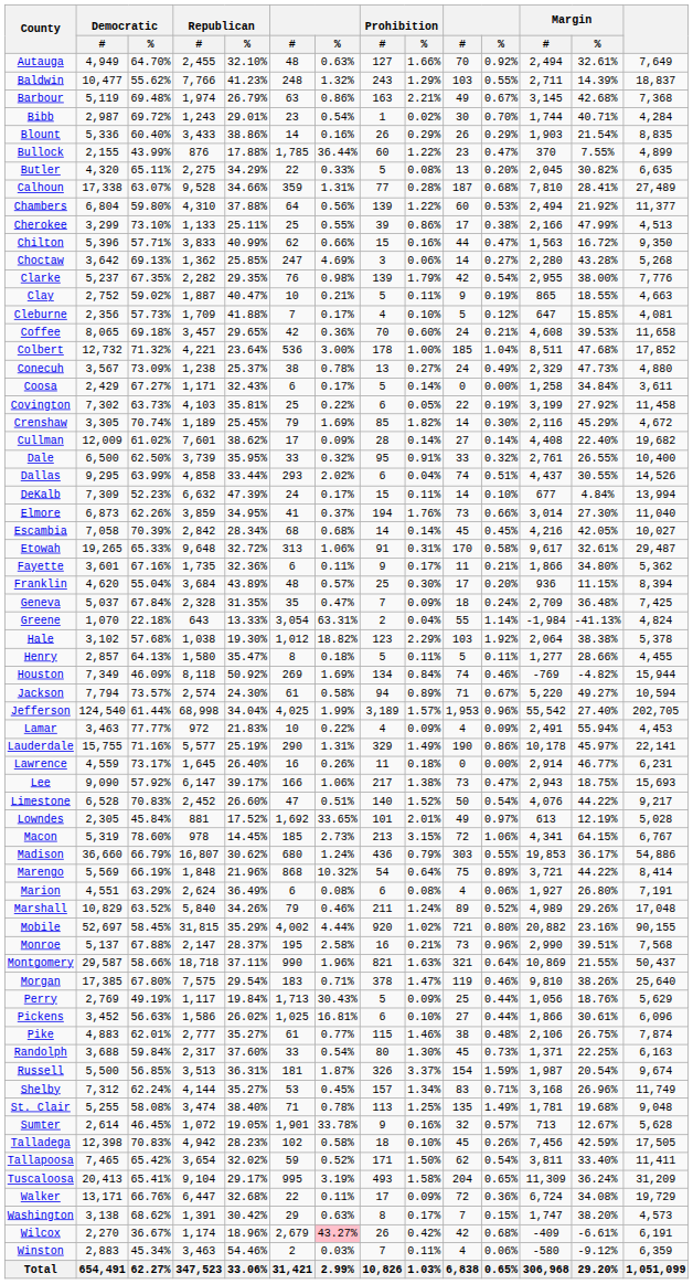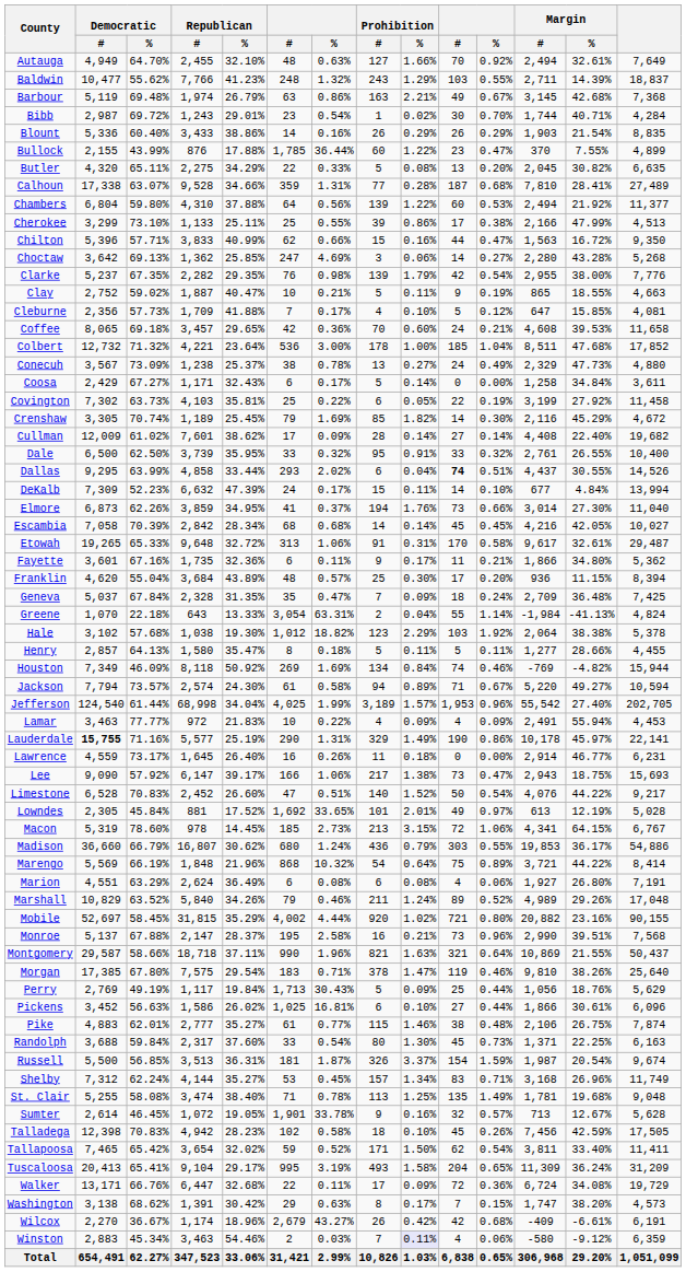 <table class="wikitable sortable mw-collapsible mw-collapsed">
 <tr>
 <th rowspan="2">County</th>
 <th colspan="2"><br>Democratic</th>
 <th colspan="2"><br>Republican</th>
 <th colspan="2"><br></th>
 <th colspan="2"><br>Prohibition</th>
 <th colspan="2"><br></th>
 <th colspan="2">Margin</th>
 <th rowspan="2"></th>
 </tr>
 <tr bgcolor="lightgrey">
 <th data-sort-type="number">#</th>
 <th data-sort-type="number">%</th>
 <th data-sort-type="number">#</th>
 <th data-sort-type="number">%</th>
 <th data-sort-type="number">#</th>
 <th data-sort-type="number">%</th>
 <th data-sort-type="number">#</th>
 <th data-sort-type="number">%</th>
 <th data-sort-type="number">#</th>
 <th data-sort-type="number">%</th>
 <th data-sort-type="number">#</th>
 <th data-sort-type="number">%</th>
 </tr>
 <tr style="text-align:center;">
 <td><a href='#'>Autauga</a></td>
 <td>4,949</td>
 <td>64.70%</td>
 <td>2,455</td>
 <td>32.10%</td>
 <td>48</td>
 <td>0.63%</td>
 <td>127</td>
 <td>1.66%</td>
 <td>70</td>
 <td>0.92%</td>
 <td>2,494</td>
 <td>32.61%</td>
 <td>7,649</td>
 </tr>
 <tr style="text-align:center;">
 <td><a href='#'>Baldwin</a></td>
 <td>10,477</td>
 <td>55.62%</td>
 <td>7,766</td>
 <td>41.23%</td>
 <td>248</td>
 <td>1.32%</td>
 <td>243</td>
 <td>1.29%</td>
 <td>103</td>
 <td>0.55%</td>
 <td>2,711</td>
 <td>14.39%</td>
 <td>18,837</td>
 </tr>
 <tr style="text-align:center;">
 <td><a href='#'>Barbour</a></td>
 <td>5,119</td>
 <td>69.48%</td>
 <td>1,974</td>
 <td>26.79%</td>
 <td>63</td>
 <td>0.86%</td>
 <td>163</td>
 <td>2.21%</td>
 <td>49</td>
 <td>0.67%</td>
 <td>3,145</td>
 <td>42.68%</td>
 <td>7,368</td>
 </tr>
 <tr style="text-align:center;">
 <td><a href='#'>Bibb</a></td>
 <td>2,987</td>
 <td>69.72%</td>
 <td>1,243</td>
 <td>29.01%</td>
 <td>23</td>
 <td>0.54%</td>
 <td>1</td>
 <td>0.02%</td>
 <td>30</td>
 <td>0.70%</td>
 <td>1,744</td>
 <td>40.71%</td>
 <td>4,284</td>
 </tr>
 <tr style="text-align:center;">
 <td><a href='#'>Blount</a></td>
 <td>5,336</td>
 <td>60.40%</td>
 <td>3,433</td>
 <td>38.86%</td>
 <td>14</td>
 <td>0.16%</td>
 <td>26</td>
 <td>0.29%</td>
 <td>26</td>
 <td>0.29%</td>
 <td>1,903</td>
 <td>21.54%</td>
 <td>8,835</td>
 </tr>
 <tr style="text-align:center;">
 <td><a href='#'>Bullock</a></td>
 <td>2,155</td>
 <td>43.99%</td>
 <td>876</td>
 <td>17.88%</td>
 <td>1,785</td>
 <td>36.44%</td>
 <td>60</td>
 <td>1.22%</td>
 <td>23</td>
 <td>0.47%</td>
 <td>370</td>
 <td>7.55%</td>
 <td>4,899</td>
 </tr>
 <tr style="text-align:center;">
 <td><a href='#'>Butler</a></td>
 <td>4,320</td>
 <td>65.11%</td>
 <td>2,275</td>
 <td>34.29%</td>
 <td>22</td>
 <td>0.33%</td>
 <td>5</td>
 <td>0.08%</td>
 <td>13</td>
 <td>0.20%</td>
 <td>2,045</td>
 <td>30.82%</td>
 <td>6,635</td>
 </tr>
 <tr style="text-align:center;">
 <td><a href='#'>Calhoun</a></td>
 <td>17,338</td>
 <td>63.07%</td>
 <td>9,528</td>
 <td>34.66%</td>
 <td>359</td>
 <td>1.31%</td>
 <td>77</td>
 <td>0.28%</td>
 <td>187</td>
 <td>0.68%</td>
 <td>7,810</td>
 <td>28.41%</td>
 <td>27,489</td>
 </tr>
 <tr style="text-align:center;">
 <td><a href='#'>Chambers</a></td>
 <td>6,804</td>
 <td>59.80%</td>
 <td>4,310</td>
 <td>37.88%</td>
 <td>64</td>
 <td>0.56%</td>
 <td>139</td>
 <td>1.22%</td>
 <td>60</td>
 <td>0.53%</td>
 <td>2,494</td>
 <td>21.92%</td>
 <td>11,377</td>
 </tr>
 <tr style="text-align:center;">
 <td><a href='#'>Cherokee</a></td>
 <td>3,299</td>
 <td>73.10%</td>
 <td>1,133</td>
 <td>25.11%</td>
 <td>25</td>
 <td>0.55%</td>
 <td>39</td>
 <td>0.86%</td>
 <td>17</td>
 <td>0.38%</td>
 <td>2,166</td>
 <td>47.99%</td>
 <td>4,513</td>
 </tr>
 <tr style="text-align:center;">
 <td><a href='#'>Chilton</a></td>
 <td>5,396</td>
 <td>57.71%</td>
 <td>3,833</td>
 <td>40.99%</td>
 <td>62</td>
 <td>0.66%</td>
 <td>15</td>
 <td>0.16%</td>
 <td>44</td>
 <td>0.47%</td>
 <td>1,563</td>
 <td>16.72%</td>
 <td>9,350</td>
 </tr>
 <tr style="text-align:center;">
 <td><a href='#'>Choctaw</a></td>
 <td>3,642</td>
 <td>69.13%</td>
 <td>1,362</td>
 <td>25.85%</td>
 <td>247</td>
 <td>4.69%</td>
 <td>3</td>
 <td>0.06%</td>
 <td>14</td>
 <td>0.27%</td>
 <td>2,280</td>
 <td>43.28%</td>
 <td>5,268</td>
 </tr>
 <tr style="text-align:center;">
 <td><a href='#'>Clarke</a></td>
 <td>5,237</td>
 <td>67.35%</td>
 <td>2,282</td>
 <td>29.35%</td>
 <td>76</td>
 <td>0.98%</td>
 <td>139</td>
 <td>1.79%</td>
 <td>42</td>
 <td>0.54%</td>
 <td>2,955</td>
 <td>38.00%</td>
 <td>7,776</td>
 </tr>
 <tr style="text-align:center;">
 <td><a href='#'>Clay</a></td>
 <td>2,752</td>
 <td>59.02%</td>
 <td>1,887</td>
 <td>40.47%</td>
 <td>10</td>
 <td>0.21%</td>
 <td>5</td>
 <td>0.11%</td>
 <td>9</td>
 <td>0.19%</td>
 <td>865</td>
 <td>18.55%</td>
 <td>4,663</td>
 </tr>
 <tr style="text-align:center;">
 <td><a href='#'>Cleburne</a></td>
 <td>2,356</td>
 <td>57.73%</td>
 <td>1,709</td>
 <td>41.88%</td>
 <td>7</td>
 <td>0.17%</td>
 <td>4</td>
 <td>0.10%</td>
 <td>5</td>
 <td>0.12%</td>
 <td>647</td>
 <td>15.85%</td>
 <td>4,081</td>
 </tr>
 <tr style="text-align:center;">
 <td><a href='#'>Coffee</a></td>
 <td>8,065</td>
 <td>69.18%</td>
 <td>3,457</td>
 <td>29.65%</td>
 <td>42</td>
 <td>0.36%</td>
 <td>70</td>
 <td>0.60%</td>
 <td>24</td>
 <td>0.21%</td>
 <td>4,608</td>
 <td>39.53%</td>
 <td>11,658</td>
 </tr>
 <tr style="text-align:center;">
 <td><a href='#'>Colbert</a></td>
 <td>12,732</td>
 <td>71.32%</td>
 <td>4,221</td>
 <td>23.64%</td>
 <td>536</td>
 <td>3.00%</td>
 <td>178</td>
 <td>1.00%</td>
 <td>185</td>
 <td>1.04%</td>
 <td>8,511</td>
 <td>47.68%</td>
 <td>17,852</td>
 </tr>
 <tr style="text-align:center;">
 <td><a href='#'>Conecuh</a></td>
 <td>3,567</td>
 <td>73.09%</td>
 <td>1,238</td>
 <td>25.37%</td>
 <td>38</td>
 <td>0.78%</td>
 <td>13</td>
 <td>0.27%</td>
 <td>24</td>
 <td>0.49%</td>
 <td>2,329</td>
 <td>47.73%</td>
 <td>4,880</td>
 </tr>
 <tr style="text-align:center;">
 <td><a href='#'>Coosa</a></td>
 <td>2,429</td>
 <td>67.27%</td>
 <td>1,171</td>
 <td>32.43%</td>
 <td>6</td>
 <td>0.17%</td>
 <td>5</td>
 <td>0.14%</td>
 <td>0</td>
 <td>0.00%</td>
 <td>1,258</td>
 <td>34.84%</td>
 <td>3,611</td>
 </tr>
 <tr style="text-align:center;">
 <td><a href='#'>Covington</a></td>
 <td>7,302</td>
 <td>63.73%</td>
 <td>4,103</td>
 <td>35.81%</td>
 <td>25</td>
 <td>0.22%</td>
 <td>6</td>
 <td>0.05%</td>
 <td>22</td>
 <td>0.19%</td>
 <td>3,199</td>
 <td>27.92%</td>
 <td>11,458</td>
 </tr>
 <tr style="text-align:center;">
 <td><a href='#'>Crenshaw</a></td>
 <td>3,305</td>
 <td>70.74%</td>
 <td>1,189</td>
 <td>25.45%</td>
 <td>79</td>
 <td>1.69%</td>
 <td>85</td>
 <td>1.82%</td>
 <td>14</td>
 <td>0.30%</td>
 <td>2,116</td>
 <td>45.29%</td>
 <td>4,672</td>
 </tr>
 <tr style="text-align:center;">
 <td><a href='#'>Cullman</a></td>
 <td>12,009</td>
 <td>61.02%</td>
 <td>7,601</td>
 <td>38.62%</td>
 <td>17</td>
 <td>0.09%</td>
 <td>28</td>
 <td>0.14%</td>
 <td>27</td>
 <td>0.14%</td>
 <td>4,408</td>
 <td>22.40%</td>
 <td>19,682</td>
 </tr>
 <tr style="text-align:center;">
 <td><a href='#'>Dale</a></td>
 <td>6,500</td>
 <td>62.50%</td>
 <td>3,739</td>
 <td>35.95%</td>
 <td>33</td>
 <td>0.32%</td>
 <td>95</td>
 <td>0.91%</td>
 <td>33</td>
 <td>0.32%</td>
 <td>2,761</td>
 <td>26.55%</td>
 <td>10,400</td>
 </tr>
 <tr style="text-align:center;">
 <td><a href='#'>Dallas</a></td>
 <td>9,295</td>
 <td>63.99%</td>
 <td>4,858</td>
 <td>33.44%</td>
 <td>293</td>
 <td>2.02%</td>
 <td>6</td>
 <td>0.04%</td>
-<td>74</td>
+<td><strong>74</strong></td>
 <td>0.51%</td>
 <td>4,437</td>
 <td>30.55%</td>
 <td>14,526</td>
 </tr>
 <tr style="text-align:center;">
 <td><a href='#'>DeKalb</a></td>
 <td>7,309</td>
 <td>52.23%</td>
 <td>6,632</td>
 <td>47.39%</td>
 <td>24</td>
 <td>0.17%</td>
 <td>15</td>
 <td>0.11%</td>
 <td>14</td>
 <td>0.10%</td>
 <td>677</td>
 <td>4.84%</td>
 <td>13,994</td>
 </tr>
 <tr style="text-align:center;">
 <td><a href='#'>Elmore</a></td>
 <td>6,873</td>
 <td>62.26%</td>
 <td>3,859</td>
 <td>34.95%</td>
 <td>41</td>
 <td>0.37%</td>
 <td>194</td>
 <td>1.76%</td>
 <td>73</td>
 <td>0.66%</td>
 <td>3,014</td>
 <td>27.30%</td>
 <td>11,040</td>
 </tr>
 <tr style="text-align:center;">
 <td><a href='#'>Escambia</a></td>
 <td>7,058</td>
 <td>70.39%</td>
 <td>2,842</td>
 <td>28.34%</td>
 <td>68</td>
 <td>0.68%</td>
 <td>14</td>
 <td>0.14%</td>
 <td>45</td>
 <td>0.45%</td>
 <td>4,216</td>
 <td>42.05%</td>
 <td>10,027</td>
 </tr>
 <tr style="text-align:center;">
 <td><a href='#'>Etowah</a></td>
 <td>19,265</td>
 <td>65.33%</td>
 <td>9,648</td>
 <td>32.72%</td>
 <td>313</td>
 <td>1.06%</td>
 <td>91</td>
 <td>0.31%</td>
 <td>170</td>
 <td>0.58%</td>
 <td>9,617</td>
 <td>32.61%</td>
 <td>29,487</td>
 </tr>
 <tr style="text-align:center;">
 <td><a href='#'>Fayette</a></td>
 <td>3,601</td>
 <td>67.16%</td>
 <td>1,735</td>
 <td>32.36%</td>
 <td>6</td>
 <td>0.11%</td>
 <td>9</td>
 <td>0.17%</td>
 <td>11</td>
 <td>0.21%</td>
 <td>1,866</td>
 <td>34.80%</td>
 <td>5,362</td>
 </tr>
 <tr style="text-align:center;">
 <td><a href='#'>Franklin</a></td>
 <td>4,620</td>
 <td>55.04%</td>
 <td>3,684</td>
 <td>43.89%</td>
 <td>48</td>
 <td>0.57%</td>
 <td>25</td>
 <td>0.30%</td>
 <td>17</td>
 <td>0.20%</td>
 <td>936</td>
 <td>11.15%</td>
 <td>8,394</td>
 </tr>
 <tr style="text-align:center;">
 <td><a href='#'>Geneva</a></td>
 <td>5,037</td>
 <td>67.84%</td>
 <td>2,328</td>
 <td>31.35%</td>
 <td>35</td>
 <td>0.47%</td>
 <td>7</td>
 <td>0.09%</td>
 <td>18</td>
 <td>0.24%</td>
 <td>2,709</td>
 <td>36.48%</td>
 <td>7,425</td>
 </tr>
 <tr style="text-align:center;">
 <td><a href='#'>Greene</a></td>
 <td>1,070</td>
 <td>22.18%</td>
 <td>643</td>
 <td>13.33%</td>
 <td>3,054</td>
 <td>63.31%</td>
 <td>2</td>
 <td>0.04%</td>
 <td>55</td>
 <td>1.14%</td>
 <td>-1,984</td>
 <td>-41.13%</td>
 <td>4,824</td>
 </tr>
 <tr style="text-align:center;">
 <td><a href='#'>Hale</a></td>
 <td>3,102</td>
 <td>57.68%</td>
 <td>1,038</td>
 <td>19.30%</td>
 <td>1,012</td>
 <td>18.82%</td>
 <td>123</td>
 <td>2.29%</td>
 <td>103</td>
 <td>1.92%</td>
 <td>2,064</td>
 <td>38.38%</td>
 <td>5,378</td>
 </tr>
 <tr style="text-align:center;">
 <td><a href='#'>Henry</a></td>
 <td>2,857</td>
 <td>64.13%</td>
 <td>1,580</td>
 <td>35.47%</td>
 <td>8</td>
 <td>0.18%</td>
 <td>5</td>
 <td>0.11%</td>
 <td>5</td>
 <td>0.11%</td>
 <td>1,277</td>
 <td>28.66%</td>
 <td>4,455</td>
 </tr>
 <tr style="text-align:center;">
 <td><a href='#'>Houston</a></td>
 <td>7,349</td>
 <td>46.09%</td>
 <td>8,118</td>
 <td>50.92%</td>
 <td>269</td>
 <td>1.69%</td>
 <td>134</td>
 <td>0.84%</td>
 <td>74</td>
 <td>0.46%</td>
 <td>-769</td>
 <td>-4.82%</td>
 <td>15,944</td>
 </tr>
 <tr style="text-align:center;">
 <td><a href='#'>Jackson</a></td>
 <td>7,794</td>
 <td>73.57%</td>
 <td>2,574</td>
 <td>24.30%</td>
 <td>61</td>
 <td>0.58%</td>
 <td>94</td>
 <td>0.89%</td>
 <td>71</td>
 <td>0.67%</td>
 <td>5,220</td>
 <td>49.27%</td>
 <td>10,594</td>
 </tr>
 <tr style="text-align:center;">
 <td><a href='#'>Jefferson</a></td>
 <td>124,540</td>
 <td>61.44%</td>
 <td>68,998</td>
 <td>34.04%</td>
 <td>4,025</td>
 <td>1.99%</td>
 <td>3,189</td>
 <td>1.57%</td>
 <td>1,953</td>
 <td>0.96%</td>
 <td>55,542</td>
 <td>27.40%</td>
 <td>202,705</td>
 </tr>
 <tr style="text-align:center;">
 <td><a href='#'>Lamar</a></td>
 <td>3,463</td>
 <td>77.77%</td>
 <td>972</td>
 <td>21.83%</td>
 <td>10</td>
 <td>0.22%</td>
 <td>4</td>
 <td>0.09%</td>
 <td>4</td>
 <td>0.09%</td>
 <td>2,491</td>
 <td>55.94%</td>
 <td>4,453</td>
 </tr>
 <tr style="text-align:center;">
 <td><a href='#'>Lauderdale</a></td>
-<td>15,755</td>
+<td><strong>15,755</strong></td>
 <td>71.16%</td>
 <td>5,577</td>
 <td>25.19%</td>
 <td>290</td>
 <td>1.31%</td>
 <td>329</td>
 <td>1.49%</td>
 <td>190</td>
 <td>0.86%</td>
 <td>10,178</td>
 <td>45.97%</td>
 <td>22,141</td>
 </tr>
 <tr style="text-align:center;">
 <td><a href='#'>Lawrence</a></td>
 <td>4,559</td>
 <td>73.17%</td>
 <td>1,645</td>
 <td>26.40%</td>
 <td>16</td>
 <td>0.26%</td>
 <td>11</td>
 <td>0.18%</td>
 <td>0</td>
 <td>0.00%</td>
 <td>2,914</td>
 <td>46.77%</td>
 <td>6,231</td>
 </tr>
 <tr style="text-align:center;">
 <td><a href='#'>Lee</a></td>
 <td>9,090</td>
 <td>57.92%</td>
 <td>6,147</td>
 <td>39.17%</td>
 <td>166</td>
 <td>1.06%</td>
 <td>217</td>
 <td>1.38%</td>
 <td>73</td>
 <td>0.47%</td>
 <td>2,943</td>
 <td>18.75%</td>
 <td>15,693</td>
 </tr>
 <tr style="text-align:center;">
 <td><a href='#'>Limestone</a></td>
 <td>6,528</td>
 <td>70.83%</td>
 <td>2,452</td>
 <td>26.60%</td>
 <td>47</td>
 <td>0.51%</td>
 <td>140</td>
 <td>1.52%</td>
 <td>50</td>
 <td>0.54%</td>
 <td>4,076</td>
 <td>44.22%</td>
 <td>9,217</td>
 </tr>
 <tr style="text-align:center;">
 <td><a href='#'>Lowndes</a></td>
 <td>2,305</td>
 <td>45.84%</td>
 <td>881</td>
 <td>17.52%</td>
 <td>1,692</td>
 <td>33.65%</td>
 <td>101</td>
 <td>2.01%</td>
 <td>49</td>
 <td>0.97%</td>
 <td>613</td>
 <td>12.19%</td>
 <td>5,028</td>
 </tr>
 <tr style="text-align:center;">
 <td><a href='#'>Macon</a></td>
 <td>5,319</td>
 <td>78.60%</td>
 <td>978</td>
 <td>14.45%</td>
 <td>185</td>
 <td>2.73%</td>
 <td>213</td>
 <td>3.15%</td>
 <td>72</td>
 <td>1.06%</td>
 <td>4,341</td>
 <td>64.15%</td>
 <td>6,767</td>
 </tr>
 <tr style="text-align:center;">
 <td><a href='#'>Madison</a></td>
 <td>36,660</td>
 <td>66.79%</td>
 <td>16,807</td>
 <td>30.62%</td>
 <td>680</td>
 <td>1.24%</td>
 <td>436</td>
 <td>0.79%</td>
 <td>303</td>
 <td>0.55%</td>
 <td>19,853</td>
 <td>36.17%</td>
 <td>54,886</td>
 </tr>
 <tr style="text-align:center;">
 <td><a href='#'>Marengo</a></td>
 <td>5,569</td>
 <td>66.19%</td>
 <td>1,848</td>
 <td>21.96%</td>
 <td>868</td>
 <td>10.32%</td>
 <td>54</td>
 <td>0.64%</td>
 <td>75</td>
 <td>0.89%</td>
 <td>3,721</td>
 <td>44.22%</td>
 <td>8,414</td>
 </tr>
 <tr style="text-align:center;">
 <td><a href='#'>Marion</a></td>
 <td>4,551</td>
 <td>63.29%</td>
 <td>2,624</td>
 <td>36.49%</td>
 <td>6</td>
 <td>0.08%</td>
 <td>6</td>
 <td>0.08%</td>
 <td>4</td>
 <td>0.06%</td>
 <td>1,927</td>
 <td>26.80%</td>
 <td>7,191</td>
 </tr>
 <tr style="text-align:center;">
 <td><a href='#'>Marshall</a></td>
 <td>10,829</td>
 <td>63.52%</td>
 <td>5,840</td>
 <td>34.26%</td>
 <td>79</td>
 <td>0.46%</td>
 <td>211</td>
 <td>1.24%</td>
 <td>89</td>
 <td>0.52%</td>
 <td>4,989</td>
 <td>29.26%</td>
 <td>17,048</td>
 </tr>
 <tr style="text-align:center;">
 <td><a href='#'>Mobile</a></td>
 <td>52,697</td>
 <td>58.45%</td>
 <td>31,815</td>
 <td>35.29%</td>
 <td>4,002</td>
 <td>4.44%</td>
 <td>920</td>
 <td>1.02%</td>
 <td>721</td>
 <td>0.80%</td>
 <td>20,882</td>
 <td>23.16%</td>
 <td>90,155</td>
 </tr>
 <tr style="text-align:center;">
 <td><a href='#'>Monroe</a></td>
 <td>5,137</td>
 <td>67.88%</td>
 <td>2,147</td>
 <td>28.37%</td>
 <td>195</td>
 <td>2.58%</td>
 <td>16</td>
 <td>0.21%</td>
 <td>73</td>
 <td>0.96%</td>
 <td>2,990</td>
 <td>39.51%</td>
 <td>7,568</td>
 </tr>
 <tr style="text-align:center;">
 <td><a href='#'>Montgomery</a></td>
 <td>29,587</td>
 <td>58.66%</td>
 <td>18,718</td>
 <td>37.11%</td>
 <td>990</td>
 <td>1.96%</td>
 <td>821</td>
 <td>1.63%</td>
 <td>321</td>
 <td>0.64%</td>
 <td>10,869</td>
 <td>21.55%</td>
 <td>50,437</td>
 </tr>
 <tr style="text-align:center;">
 <td><a href='#'>Morgan</a></td>
 <td>17,385</td>
 <td>67.80%</td>
 <td>7,575</td>
 <td>29.54%</td>
 <td>183</td>
 <td>0.71%</td>
 <td>378</td>
 <td>1.47%</td>
 <td>119</td>
 <td>0.46%</td>
 <td>9,810</td>
 <td>38.26%</td>
 <td>25,640</td>
 </tr>
 <tr style="text-align:center;">
 <td><a href='#'>Perry</a></td>
 <td>2,769</td>
 <td>49.19%</td>
 <td>1,117</td>
 <td>19.84%</td>
 <td>1,713</td>
 <td>30.43%</td>
 <td>5</td>
 <td>0.09%</td>
 <td>25</td>
 <td>0.44%</td>
 <td>1,056</td>
 <td>18.76%</td>
 <td>5,629</td>
 </tr>
 <tr style="text-align:center;">
 <td><a href='#'>Pickens</a></td>
 <td>3,452</td>
 <td>56.63%</td>
 <td>1,586</td>
 <td>26.02%</td>
 <td>1,025</td>
 <td>16.81%</td>
 <td>6</td>
 <td>0.10%</td>
 <td>27</td>
 <td>0.44%</td>
 <td>1,866</td>
 <td>30.61%</td>
 <td>6,096</td>
 </tr>
 <tr style="text-align:center;">
 <td><a href='#'>Pike</a></td>
 <td>4,883</td>
 <td>62.01%</td>
 <td>2,777</td>
 <td>35.27%</td>
 <td>61</td>
 <td>0.77%</td>
 <td>115</td>
 <td>1.46%</td>
 <td>38</td>
 <td>0.48%</td>
 <td>2,106</td>
 <td>26.75%</td>
 <td>7,874</td>
 </tr>
 <tr style="text-align:center;">
 <td><a href='#'>Randolph</a></td>
 <td>3,688</td>
 <td>59.84%</td>
 <td>2,317</td>
 <td>37.60%</td>
 <td>33</td>
 <td>0.54%</td>
 <td>80</td>
 <td>1.30%</td>
 <td>45</td>
 <td>0.73%</td>
 <td>1,371</td>
 <td>22.25%</td>
 <td>6,163</td>
 </tr>
 <tr style="text-align:center;">
 <td><a href='#'>Russell</a></td>
 <td>5,500</td>
 <td>56.85%</td>
 <td>3,513</td>
 <td>36.31%</td>
 <td>181</td>
 <td>1.87%</td>
 <td>326</td>
 <td>3.37%</td>
 <td>154</td>
 <td>1.59%</td>
 <td>1,987</td>
 <td>20.54%</td>
 <td>9,674</td>
 </tr>
 <tr style="text-align:center;">
 <td><a href='#'>Shelby</a></td>
 <td>7,312</td>
 <td>62.24%</td>
 <td>4,144</td>
 <td>35.27%</td>
 <td>53</td>
 <td>0.45%</td>
 <td>157</td>
 <td>1.34%</td>
 <td>83</td>
 <td>0.71%</td>
 <td>3,168</td>
 <td>26.96%</td>
 <td>11,749</td>
 </tr>
 <tr style="text-align:center;">
 <td><a href='#'>St. Clair</a></td>
 <td>5,255</td>
 <td>58.08%</td>
 <td>3,474</td>
 <td>38.40%</td>
 <td>71</td>
 <td>0.78%</td>
 <td>113</td>
 <td>1.25%</td>
 <td>135</td>
 <td>1.49%</td>
 <td>1,781</td>
 <td>19.68%</td>
 <td>9,048</td>
 </tr>
 <tr style="text-align:center;">
 <td><a href='#'>Sumter</a></td>
 <td>2,614</td>
 <td>46.45%</td>
 <td>1,072</td>
 <td>19.05%</td>
 <td>1,901</td>
 <td>33.78%</td>
 <td>9</td>
 <td>0.16%</td>
 <td>32</td>
 <td>0.57%</td>
 <td>713</td>
 <td>12.67%</td>
 <td>5,628</td>
 </tr>
 <tr style="text-align:center;">
 <td><a href='#'>Talladega</a></td>
 <td>12,398</td>
 <td>70.83%</td>
 <td>4,942</td>
 <td>28.23%</td>
 <td>102</td>
 <td>0.58%</td>
 <td>18</td>
 <td>0.10%</td>
 <td>45</td>
 <td>0.26%</td>
 <td>7,456</td>
 <td>42.59%</td>
 <td>17,505</td>
 </tr>
 <tr style="text-align:center;">
 <td><a href='#'>Tallapoosa</a></td>
 <td>7,465</td>
 <td>65.42%</td>
 <td>3,654</td>
 <td>32.02%</td>
 <td>59</td>
 <td>0.52%</td>
 <td>171</td>
 <td>1.50%</td>
 <td>62</td>
 <td>0.54%</td>
 <td>3,811</td>
 <td>33.40%</td>
 <td>11,411</td>
 </tr>
 <tr style="text-align:center;">
 <td><a href='#'>Tuscaloosa</a></td>
 <td>20,413</td>
 <td>65.41%</td>
 <td>9,104</td>
 <td>29.17%</td>
 <td>995</td>
 <td>3.19%</td>
 <td>493</td>
 <td>1.58%</td>
 <td>204</td>
 <td>0.65%</td>
 <td>11,309</td>
 <td>36.24%</td>
 <td>31,209</td>
 </tr>
 <tr style="text-align:center;">
 <td><a href='#'>Walker</a></td>
 <td>13,171</td>
 <td>66.76%</td>
 <td>6,447</td>
 <td>32.68%</td>
 <td>22</td>
 <td>0.11%</td>
 <td>17</td>
 <td>0.09%</td>
 <td>72</td>
 <td>0.36%</td>
 <td>6,724</td>
 <td>34.08%</td>
 <td>19,729</td>
 </tr>
 <tr style="text-align:center;">
 <td><a href='#'>Washington</a></td>
 <td>3,138</td>
 <td>68.62%</td>
 <td>1,391</td>
 <td>30.42%</td>
 <td>29</td>
 <td>0.63%</td>
 <td>8</td>
 <td>0.17%</td>
 <td>7</td>
 <td>0.15%</td>
 <td>1,747</td>
 <td>38.20%</td>
 <td>4,573</td>
 </tr>
 <tr style="text-align:center;">
 <td><a href='#'>Wilcox</a></td>
 <td>2,270</td>
 <td>36.67%</td>
 <td>1,174</td>
 <td>18.96%</td>
 <td>2,679</td>
-<td style="background: pink;">43.27%</td>
+<td>43.27%</td>
 <td>26</td>
 <td>0.42%</td>
 <td>42</td>
 <td>0.68%</td>
 <td>-409</td>
 <td>-6.61%</td>
 <td>6,191</td>
 </tr>
 <tr style="text-align:center;">
 <td><a href='#'>Winston</a></td>
 <td>2,883</td>
 <td>45.34%</td>
 <td>3,463</td>
 <td>54.46%</td>
 <td>2</td>
 <td>0.03%</td>
 <td>7</td>
-<td>0.11%</td>
+<td style="background: lavender;">0.11%</td>
 <td>4</td>
 <td>0.06%</td>
 <td>-580</td>
 <td>-9.12%</td>
 <td>6,359</td>
 </tr>
 <tr>
 <th>Total</th>
 <th>654,491</th>
 <th>62.27%</th>
 <th>347,523</th>
 <th>33.06%</th>
 <th>31,421</th>
 <th>2.99%</th>
 <th>10,826</th>
 <th>1.03%</th>
 <th>6,838</th>
 <th>0.65%</th>
 <th>306,968</th>
 <th>29.20%</th>
 <th>1,051,099</th>
 </tr>
 </table>
